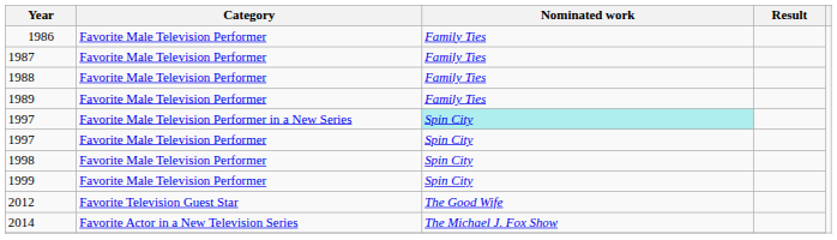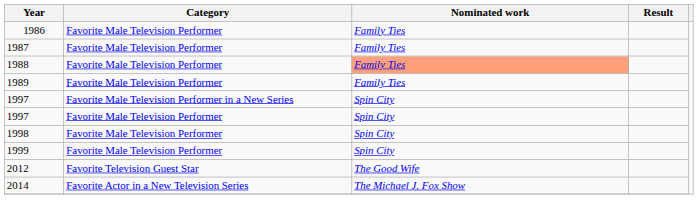 <table class=wikitable>
 <tr>
 <th scope="col" style="width:5em;">Year</th>
 <th scope="col" style="width:26em;">Category</th>
 <th scope="col" style="width:25em;">Nominated work</th>
 <th scope="col" style="width:5em;">Result</th>
 <th></th>
 </tr>
 <tr>
 <td style="text-align:center;">1986</td>
 <td><a href='#'>Favorite Male Television Performer</a></td>
 <td><em><a href='#'>Family Ties</a></em></td>
 <td></td>
 </tr>
 <tr>
 <td>1987</td>
 <td><a href='#'>Favorite Male Television Performer</a></td>
 <td><em><a href='#'>Family Ties</a></em></td>
 <td></td>
 </tr>
 <tr>
 <td>1988</td>
 <td><a href='#'>Favorite Male Television Performer</a></td>
-<td><em><a href='#'>Family Ties</a></em></td>
+<td style="background: lightsalmon;"><em><a href='#'>Family Ties</a></em></td>
 <td></td>
 </tr>
 <tr>
 <td>1989</td>
 <td><a href='#'>Favorite Male Television Performer</a></td>
 <td><em><a href='#'>Family Ties</a></em></td>
 <td></td>
 </tr>
 <tr>
 <td>1997</td>
 <td><a href='#'>Favorite Male Television Performer in a New Series</a></td>
-<td style="background: paleturquoise;"><em><a href='#'>Spin City</a></em></td>
+<td><em><a href='#'>Spin City</a></em></td>
 <td></td>
 </tr>
 <tr>
 <td>1997</td>
 <td><a href='#'>Favorite Male Television Performer</a></td>
 <td><em><a href='#'>Spin City</a></em></td>
 <td></td>
 </tr>
 <tr>
 <td>1998</td>
 <td><a href='#'>Favorite Male Television Performer</a></td>
 <td><em><a href='#'>Spin City</a></em></td>
 <td></td>
 </tr>
 <tr>
 <td>1999</td>
 <td><a href='#'>Favorite Male Television Performer</a></td>
 <td><em><a href='#'>Spin City</a></em></td>
 <td></td>
 </tr>
 <tr>
 <td>2012</td>
 <td><a href='#'>Favorite Television Guest Star</a></td>
 <td><em><a href='#'>The Good Wife</a></em></td>
 <td></td>
 </tr>
 <tr>
 <td>2014</td>
 <td><a href='#'>Favorite Actor in a New Television Series</a></td>
 <td><em><a href='#'>The Michael J. Fox Show</a></em></td>
 <td></td>
 </tr>
 <tr>
 </tr>
 </table>
